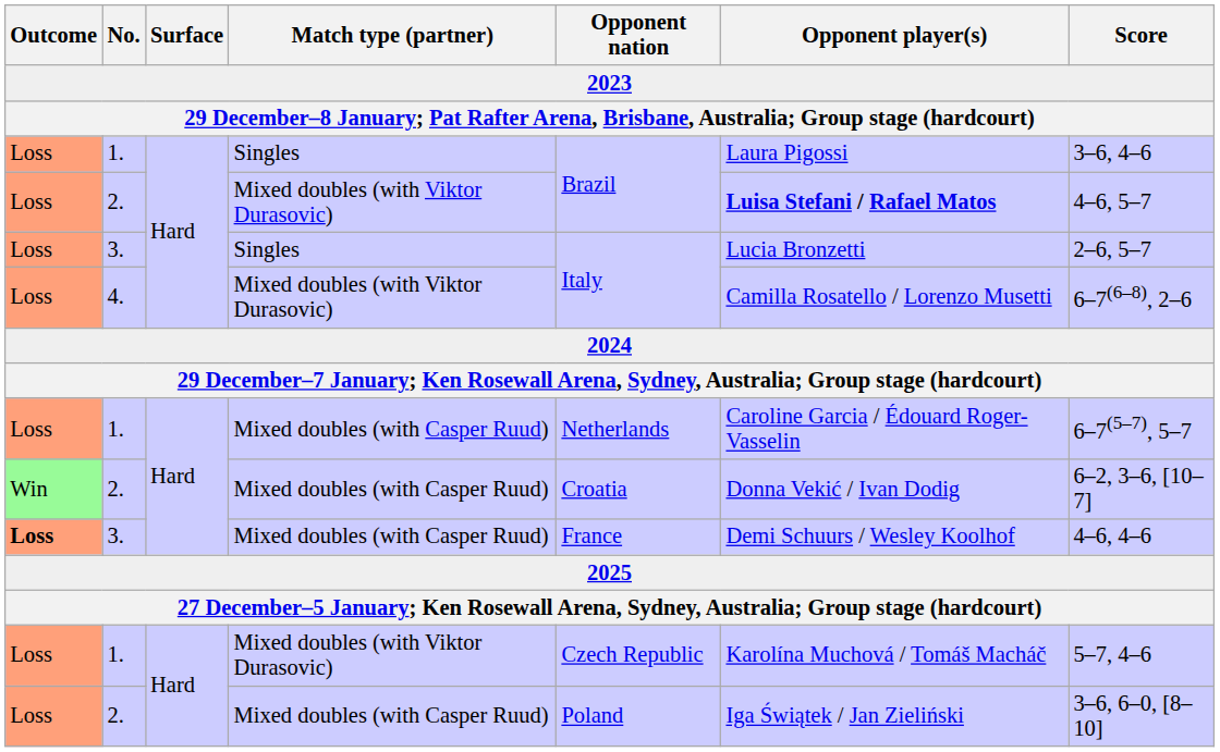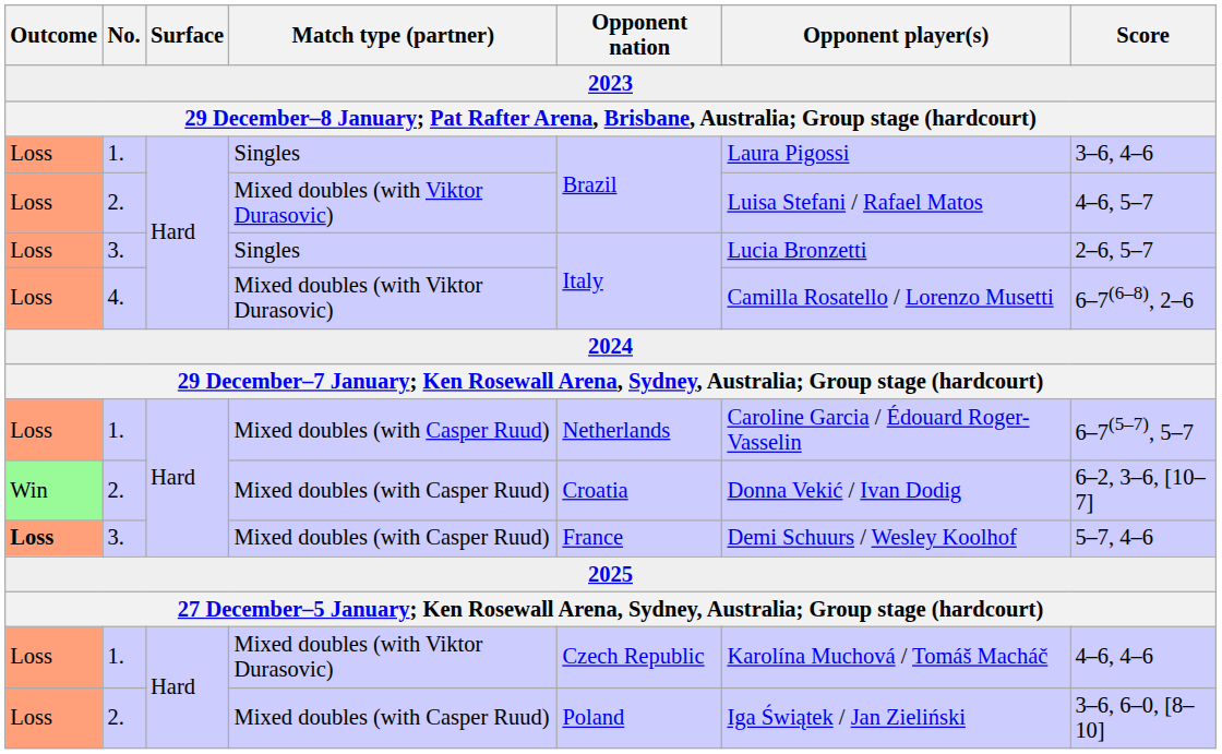 <table class=wikitable>
 <tr>
 <th>Outcome</th>
 <th>No.</th>
 <th>Surface</th>
 <th>Match type (partner)</th>
 <th>Opponent nation</th>
 <th>Opponent player(s)</th>
 <th>Score</th>
 </tr>
 <tr bgcolor="efefef" class="sortbottom">
 <td colspan="7" align="center"><strong><a href='#'>2023</a></strong></td>
 </tr>
 <tr>
 <th colspan="7"><a href='#'>29 December–8 January</a>; <a href='#'>Pat Rafter Arena</a>, <a href='#'>Brisbane</a>, Australia; Group stage (hardcourt)</th>
 </tr>
 <tr style="background:#ccf;">
 <td bgcolor=FFA07A>Loss</td>
 <td>1.</td>
 <td rowspan="4">Hard</td>
 <td>Singles</td>
 <td rowspan="2"> <a href='#'>Brazil</a></td>
 <td> <a href='#'>Laura Pigossi</a></td>
 <td>3–6, 4–6</td>
 </tr>
 <tr style="background:#ccf;">
 <td bgcolor=FFA07A>Loss</td>
 <td>2.</td>
 <td>Mixed doubles (with <a href='#'>Viktor Durasovic</a>)</td>
-<td><strong> <a href='#'>Luisa Stefani</a> /  <a href='#'>Rafael Matos</a></strong></td>
+<td> <a href='#'>Luisa Stefani</a> /  <a href='#'>Rafael Matos</a></td>
 <td>4–6, 5–7</td>
 </tr>
 <tr style="background:#ccf;">
 <td bgcolor=FFA07A>Loss</td>
 <td>3.</td>
 <td>Singles</td>
 <td rowspan=2> <a href='#'>Italy</a></td>
 <td> <a href='#'>Lucia Bronzetti</a></td>
 <td>2–6, 5–7</td>
 </tr>
 <tr style="background:#ccf;">
 <td bgcolor=FFA07A>Loss</td>
 <td>4.</td>
 <td>Mixed doubles (with Viktor Durasovic)</td>
 <td> <a href='#'>Camilla Rosatello</a> /  <a href='#'>Lorenzo Musetti</a></td>
 <td>6–7<sup>(6–8)</sup>, 2–6</td>
 </tr>
 <tr bgcolor="efefef" class="sortbottom">
 <td colspan="7" align="center"><strong><a href='#'>2024</a></strong></td>
 </tr>
 <tr>
 <th colspan="7"><a href='#'>29 December–7 January</a>; <a href='#'>Ken Rosewall Arena</a>, <a href='#'>Sydney</a>, Australia; Group stage (hardcourt)</th>
 </tr>
 <tr style="background:#ccf;">
 <td bgcolor=FFA07A>Loss</td>
 <td>1.</td>
 <td rowspan="3">Hard</td>
 <td>Mixed doubles (with <a href='#'>Casper Ruud</a>)</td>
 <td rowspan="1"> <a href='#'>Netherlands</a></td>
 <td> <a href='#'>Caroline Garcia</a> /  <a href='#'>Édouard Roger-Vasselin</a></td>
 <td>6–7<sup>(5–7)</sup>, 5–7</td>
 </tr>
 <tr style="background:#ccf;">
 <td bgcolor=98fb98>Win</td>
 <td>2.</td>
 <td>Mixed doubles (with Casper Ruud)</td>
 <td rowspan="1"> <a href='#'>Croatia</a></td>
 <td> <a href='#'>Donna Vekić</a> /  <a href='#'>Ivan Dodig</a></td>
 <td>6–2, 3–6, [10–7]</td>
 </tr>
 <tr style="background:#ccf;">
 <td bgcolor=FFA07A><strong>Loss</strong></td>
 <td>3.</td>
 <td>Mixed doubles (with Casper Ruud)</td>
 <td rowspan="1"> <a href='#'>France</a></td>
 <td> <a href='#'>Demi Schuurs</a> /  <a href='#'>Wesley Koolhof</a></td>
-<td>4–6, 4–6</td>
+<td>5–7, 4–6</td>
 </tr>
 <tr bgcolor="efefef" class="sortbottom">
 <td colspan="7" align="center"><strong><a href='#'>2025</a></strong></td>
 </tr>
 <tr>
 <th colspan="7"><a href='#'>27 December–5 January</a>; Ken Rosewall Arena, Sydney, Australia; Group stage (hardcourt)</th>
 </tr>
 <tr style="background:#ccf;">
 <td bgcolor=FFA07A>Loss</td>
 <td>1.</td>
 <td rowspan="3">Hard</td>
 <td>Mixed doubles (with Viktor Durasovic)</td>
 <td rowspan="1"> <a href='#'>Czech Republic</a></td>
 <td> <a href='#'>Karolína Muchová</a> /  <a href='#'>Tomáš Macháč</a></td>
-<td>5–7, 4–6</td>
+<td>4–6, 4–6</td>
 </tr>
 <tr style="background:#ccf;">
 <td bgcolor=FFA07A>Loss</td>
 <td>2.</td>
 <td>Mixed doubles (with Casper Ruud)</td>
 <td rowspan="1"> <a href='#'>Poland</a></td>
 <td> <a href='#'>Iga Świątek</a> /  <a href='#'>Jan Zieliński</a></td>
 <td>3–6, 6–0, [8–10]</td>
 </tr>
 </table>
